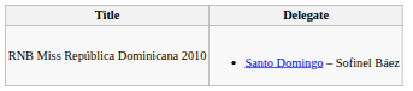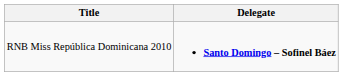 <table class="wikitable sortable" style="font-size: 95%;">
 <tr>
 <th>Title</th>
 <th>Delegate</th>
 </tr>
 <tr>
 <td>RNB Miss República Dominicana 2010</td>
-<td><br><ul><li><a href='#'>Santo Domingo</a> – Sofinel Báez</li></ul></td>
+<td><strong><br><ul><li><a href='#'>Santo Domingo</a> – Sofinel Báez</li></ul></strong></td>
 </tr>
 </table>
